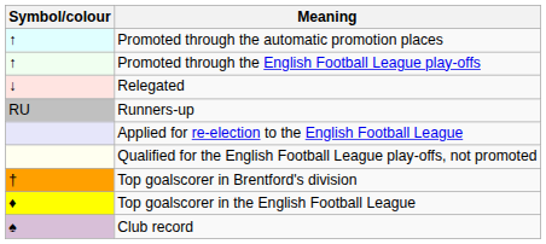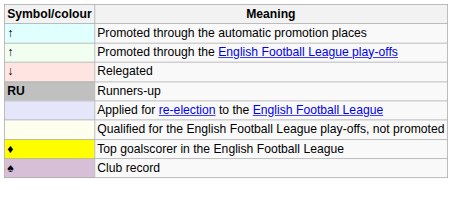 <table Class="wikitable">
 <tr>
 <th>Symbol/colour</th>
 <th>Meaning</th>
 </tr>
 <tr>
 <td style="background:LightCyan">↑</td>
 <td>Promoted through the automatic promotion places</td>
 </tr>
 <tr>
 <td style="background:Honeydew">↑</td>
 <td>Promoted through the <a href='#'>English Football League play-offs</a></td>
 </tr>
 <tr>
 <td style="background:MistyRose">↓</td>
 <td>Relegated</td>
 </tr>
 <tr>
-<td style="background:Silver">RU</td>
+<td style="background:Silver"><strong>RU</strong></td>
 <td>Runners-up</td>
 </tr>
 <tr>
 <td style="background:Lavender"></td>
 <td>Applied for <a href='#'>re-election</a> to the <a href='#'>English Football League</a></td>
 </tr>
 <tr>
 <td style="background:Ivory"></td>
 <td>Qualified for the English Football League play-offs, not promoted</td>
 </tr>
 <tr>
-<td style="background:#ffa000;">†</td>
-<td>Top goalscorer in Brentford's division</td>
-</tr>
-<tr>
 <td style="background:Yellow">♦</td>
 <td>Top goalscorer in the English Football League</td>
 </tr>
 <tr>
 <td style="background:thistle;">♠</td>
 <td>Club record</td>
 </tr>
 </table>
